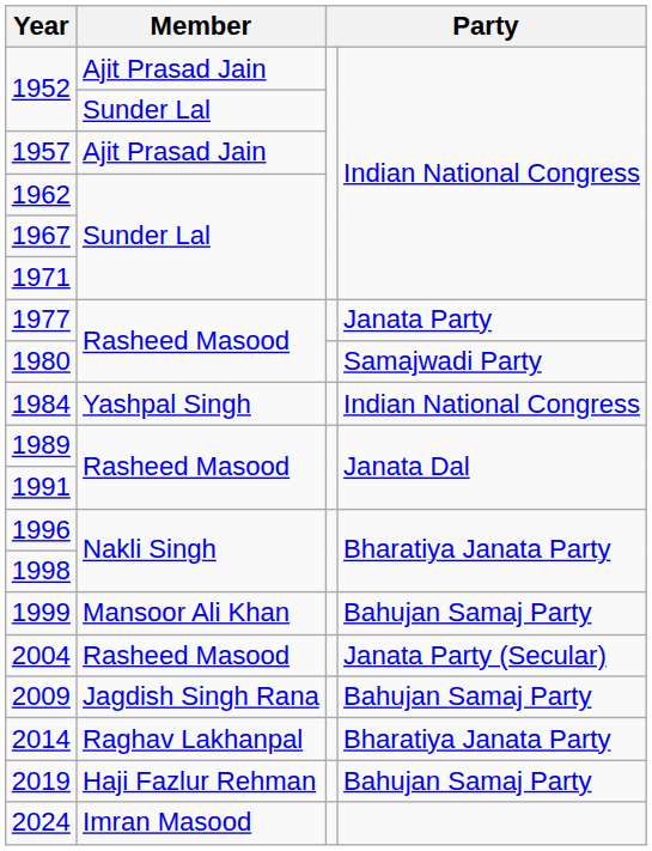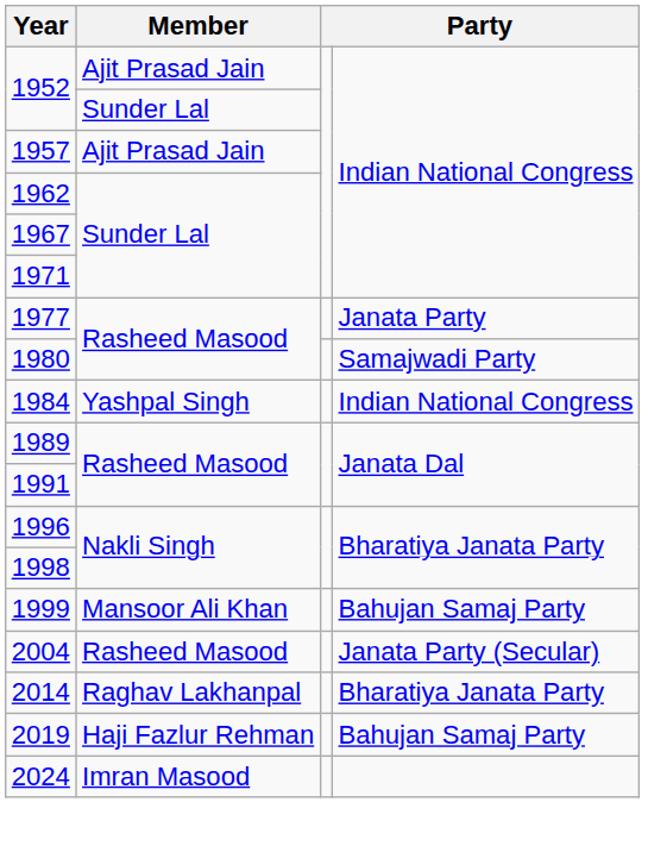 <table class="wikitable">
 <tr>
 <th>Year</th>
 <th>Member</th>
 <th colspan="2">Party</th>
 </tr>
 <tr>
 <td rowspan="2"><a href='#'>1952</a></td>
 <td><a href='#'>Ajit Prasad Jain</a></td>
 <td rowspan="7" style="background-color: "></td>
 <td rowspan="7"><a href='#'>Indian National Congress</a></td>
 </tr>
 <tr>
 <td><a href='#'>Sunder Lal</a></td>
 </tr>
 <tr>
 <td rowspan="2"><a href='#'>1957</a></td>
 <td><a href='#'>Ajit Prasad Jain</a></td>
 </tr>
 <tr>
 <td rowspan="4"><a href='#'>Sunder Lal</a></td>
 </tr>
 <tr>
 <td><a href='#'>1962</a></td>
 </tr>
 <tr>
 <td><a href='#'>1967</a></td>
 </tr>
 <tr>
 <td><a href='#'>1971</a></td>
 </tr>
 <tr>
 <td><a href='#'>1977</a></td>
 <td rowspan="2"><a href='#'>Rasheed Masood</a></td>
 <td style="background-color: "></td>
 <td><a href='#'>Janata Party</a></td>
 </tr>
 <tr>
 <td><a href='#'>1980</a></td>
 <td style="background-color: "></td>
 <td><a href='#'>Samajwadi Party</a></td>
 </tr>
 <tr>
 <td><a href='#'>1984</a></td>
 <td><a href='#'>Yashpal Singh</a></td>
 <td style="background-color: "></td>
 <td><a href='#'>Indian National Congress</a></td>
 </tr>
 <tr>
 <td><a href='#'>1989</a></td>
 <td rowspan="2"><a href='#'>Rasheed Masood</a></td>
 <td rowspan="2" style="background-color: "></td>
 <td rowspan="2"><a href='#'>Janata Dal</a></td>
 </tr>
 <tr>
 <td><a href='#'>1991</a></td>
 </tr>
 <tr>
 <td><a href='#'>1996</a></td>
 <td rowspan="2"><a href='#'>Nakli Singh</a></td>
 <td rowspan="2" style="background-color: "></td>
 <td rowspan="2"><a href='#'>Bharatiya Janata Party</a></td>
 </tr>
 <tr>
 <td><a href='#'>1998</a></td>
 </tr>
 <tr>
 <td><a href='#'>1999</a></td>
 <td><a href='#'>Mansoor Ali Khan</a></td>
 <td style="background-color: "></td>
 <td><a href='#'>Bahujan Samaj Party</a></td>
 </tr>
 <tr>
 <td><a href='#'>2004</a></td>
 <td><a href='#'>Rasheed Masood</a></td>
 <td style="background-color: "></td>
 <td><a href='#'>Janata Party (Secular)</a></td>
 </tr>
 <tr>
-<td><a href='#'>2009</a></td>
-<td><a href='#'>Jagdish Singh Rana</a></td>
-<td style="background-color: "></td>
-<td><a href='#'>Bahujan Samaj Party</a></td>
-</tr>
-<tr>
 <td><a href='#'>2014</a></td>
 <td><a href='#'>Raghav Lakhanpal</a></td>
 <td style="background-color: "></td>
 <td><a href='#'>Bharatiya Janata Party</a></td>
 </tr>
 <tr>
 <td><a href='#'>2019</a></td>
 <td><a href='#'>Haji Fazlur Rehman</a></td>
 <td style="background-color: "></td>
 <td><a href='#'>Bahujan Samaj Party</a></td>
 </tr>
 <tr>
 <td><a href='#'>2024</a></td>
 <td><a href='#'>Imran Masood</a></td>
 <td></td>
 </tr>
 </table>
